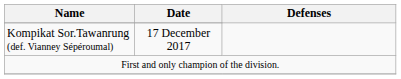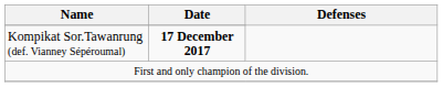 <table class="wikitable" width=60%>
 <tr>
 <th width=30%>Name</th>
 <th width=20%>Date</th>
 <th width=40%>Defenses</th>
 </tr>
 <tr>
 </tr>
 <tr>
 <td align=left> Kompikat Sor.Tawanrung <br><small>(def. Vianney Sépéroumal)</small></td>
-<td align=center>17 December 2017</td>
+<td align=center><strong>17 December 2017</strong></td>
 </tr>
 <tr>
 <td colspan=4 align=center><small>First and only champion of the division.</small></td>
 </tr>
 <tr>
 </tr>
 </table>
